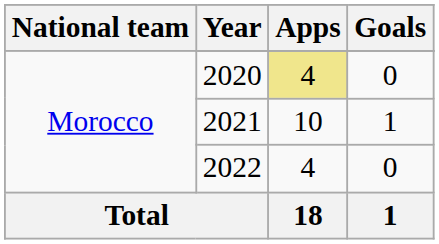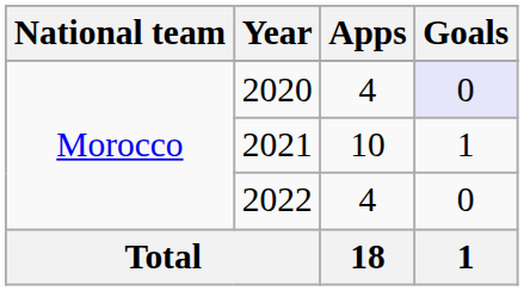 <table class=wikitable style="text-align: center">
 <tr>
 <th>National team</th>
 <th>Year</th>
 <th>Apps</th>
 <th>Goals</th>
 </tr>
 <tr>
 <td rowspan="4"><a href='#'>Morocco</a></td>
 </tr>
 <tr>
 <td>2020</td>
-<td style="background: khaki;">4</td>
-<td>0</td>
+<td>4</td>
+<td style="background: lavender;">0</td>
 </tr>
 <tr>
 <td>2021</td>
 <td>10</td>
 <td>1</td>
 </tr>
 <tr>
 <td>2022</td>
 <td>4</td>
 <td>0</td>
 </tr>
 <tr>
 <th colspan="2">Total</th>
 <th>18</th>
 <th>1</th>
 </tr>
 </table>
